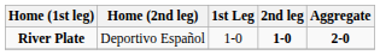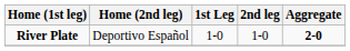 <table class="wikitable" style="text-align: center;">
 <tr>
 <th>Home (1st leg)</th>
 <th>Home (2nd leg)</th>
 <th>1st Leg</th>
 <th>2nd leg</th>
 <th>Aggregate</th>
 </tr>
 <tr>
 <td><strong>River Plate</strong></td>
 <td>Deportivo Español</td>
 <td>1-0</td>
-<td><strong>1-0</strong></td>
+<td>1-0</td>
 <td><strong>2-0</strong></td>
 </tr>
 <tr>
 </tr>
 </table>
